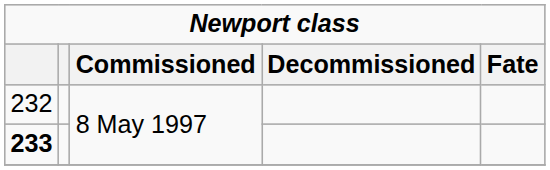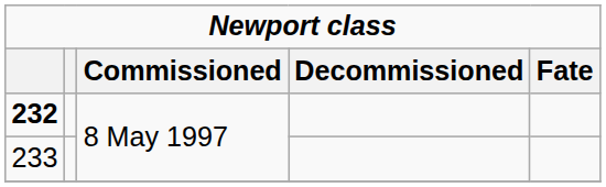 <table class="collapsible wikitable">
 <tr>
 <td align=center colspan=5><strong><em>Newport<em> class<strong></td>
 </tr>
 <tr>
 <th></th>
 <th></th>
 <th>Commissioned</th>
 <th>Decommissioned</th>
 <th>Fate</th>
 </tr>
 <tr>
-<td>232</td>
+<td><strong>232</strong></td>
 <td></td>
 <td rowspan=2>8 May 1997</td>
 <td></td>
 <td></td>
 </tr>
 <tr>
-<td><strong>233</strong></td>
+<td>233</td>
 <td></td>
 <td></td>
 <td></td>
 </tr>
 <tr>
 </tr>
 </table>
